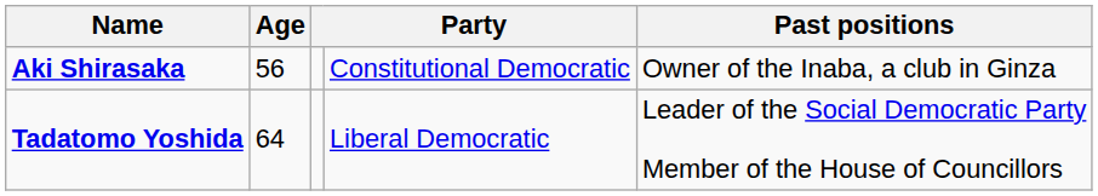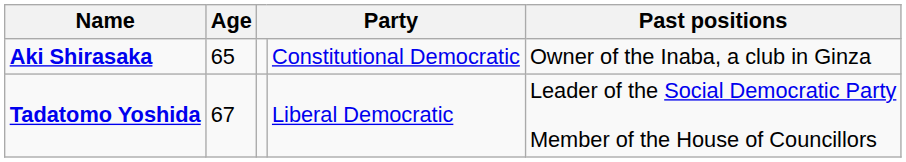 <table class="wikitable">
 <tr style="white-space:nowrap;">
 <th>Name</th>
 <th>Age</th>
 <th colspan=2>Party</th>
 <th>Past positions</th>
 </tr>
 <tr>
 <td><strong><a href='#'>Aki Shirasaka</a></strong></td>
-<td>56</td>
+<td>65</td>
 <td style="background:"></td>
 <td><a href='#'>Constitutional Democratic</a></td>
 <td>Owner of the Inaba, a club in Ginza</td>
 </tr>
 <tr>
 <td><strong><a href='#'>Tadatomo Yoshida</a></strong></td>
-<td>64</td>
+<td>67</td>
 <td style="background:"></td>
 <td><a href='#'>Liberal Democratic</a></td>
 <td>Leader of the <a href='#'>Social Democratic Party</a><br><br>Member of the House of Councillors<br></td>
 </tr>
 </table>
